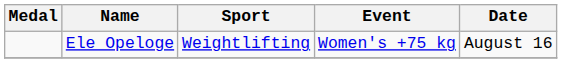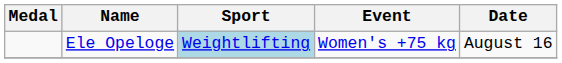 <table class="wikitable sortable" style="font-size:95%">
 <tr>
 <th>Medal</th>
 <th>Name</th>
 <th>Sport</th>
 <th>Event</th>
 <th>Date</th>
 </tr>
 <tr>
 <td></td>
 <td><a href='#'>Ele Opeloge</a></td>
-<td><a href='#'>Weightlifting</a></td>
+<td style="background: lightblue;"><a href='#'>Weightlifting</a></td>
 <td><a href='#'>Women's +75 kg</a></td>
 <td>August 16</td>
 </tr>
 <tr>
 </tr>
 </table>
